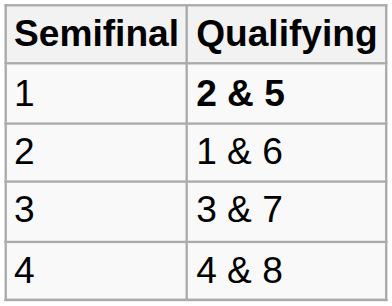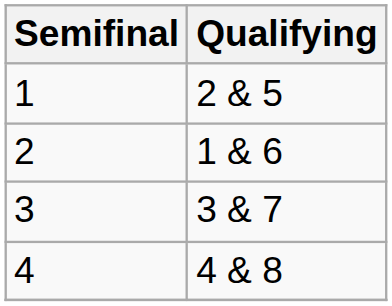 <table class="wikitable" align="right">
 <tr>
 <th>Semifinal</th>
 <th>Qualifying</th>
 </tr>
 <tr>
 <td>1</td>
-<td><strong>2 & 5</strong></td>
+<td>2 & 5</td>
 </tr>
 <tr>
 <td>2</td>
 <td>1 & 6</td>
 </tr>
 <tr>
 <td>3</td>
 <td>3 & 7</td>
 </tr>
 <tr>
 <td>4</td>
 <td>4 & 8</td>
 </tr>
 <tr>
 </tr>
 </table>
